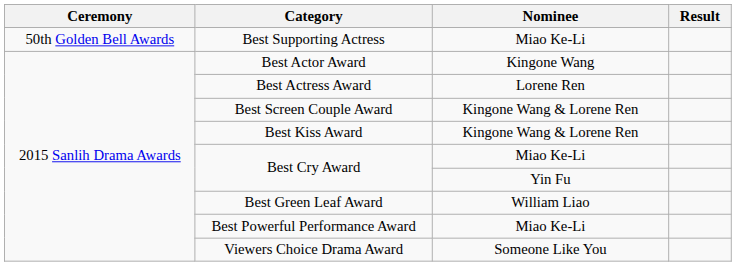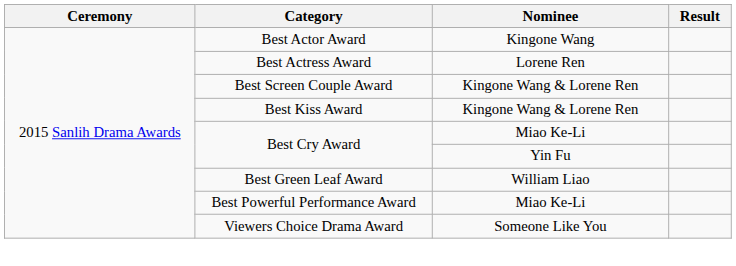 <table class="wikitable" style="text-align:center;">
 <tr>
 <th style="width:200px;">Ceremony</th>
 <th style="width:250px;">Category</th>
 <th style="width:250px;">Nominee</th>
 <th style="width:60px;">Result</th>
-</tr>
-<tr>
-<td rowspan=1>50th <a href='#'>Golden Bell Awards</a></td>
-<td>Best Supporting Actress</td>
-<td>Miao Ke-Li</td>
-<td></td>
 </tr>
 <tr>
 <td rowspan=10>2015 <a href='#'>Sanlih Drama Awards</a></td>
 <td>Best Actor Award</td>
 <td>Kingone Wang</td>
 <td></td>
 </tr>
 <tr>
 <td>Best Actress Award</td>
 <td>Lorene Ren</td>
 <td></td>
 </tr>
 <tr>
 <td>Best Screen Couple Award</td>
 <td>Kingone Wang & Lorene Ren</td>
 <td></td>
 </tr>
 <tr>
 <td>Best Kiss Award</td>
 <td>Kingone Wang & Lorene Ren</td>
 <td></td>
 </tr>
 <tr>
 <td rowspan=2>Best Cry Award</td>
 <td>Miao Ke-Li</td>
 <td></td>
 </tr>
 <tr>
 <td>Yin Fu</td>
 <td></td>
 </tr>
 <tr>
 <td>Best Green Leaf Award</td>
 <td>William Liao</td>
 <td></td>
 </tr>
 <tr>
 <td>Best Powerful Performance Award</td>
 <td>Miao Ke-Li</td>
 <td></td>
 </tr>
 <tr>
 <td>Viewers Choice Drama Award</td>
 <td>Someone Like You</td>
 <td></td>
 </tr>
 </table>
